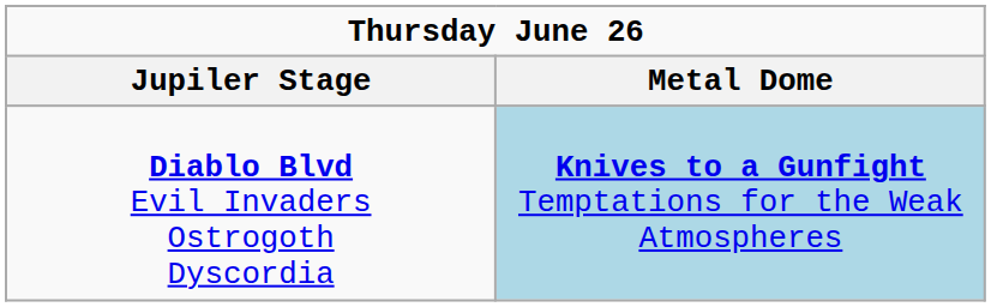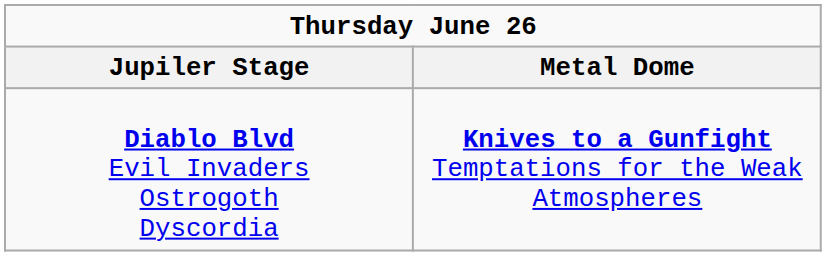 <table class="wikitable">
 <tr>
 <td colspan="2" style="text-align:center;"><strong>Thursday June 26</strong></td>
 </tr>
 <tr>
 <th>Jupiler Stage</th>
 <th>Metal Dome</th>
 </tr>
 <tr>
 <td style="text-align:center; vertical-align:top; width:200px;"><br><strong><a href='#'>Diablo Blvd</a></strong> <br> <a href='#'>Evil Invaders</a> <br> <a href='#'>Ostrogoth</a> <br> <a href='#'>Dyscordia</a></td>
-<td style="background: lightblue; text-align:center; vertical-align:top; width:200px;"><br><strong><a href='#'>Knives to a Gunfight</a></strong> <br> <a href='#'>Temptations for the Weak</a> <br> <a href='#'>Atmospheres</a></td>
+<td style="text-align:center; vertical-align:top; width:200px;"><br><strong><a href='#'>Knives to a Gunfight</a></strong> <br> <a href='#'>Temptations for the Weak</a> <br> <a href='#'>Atmospheres</a></td>
 </tr>
 </table>
